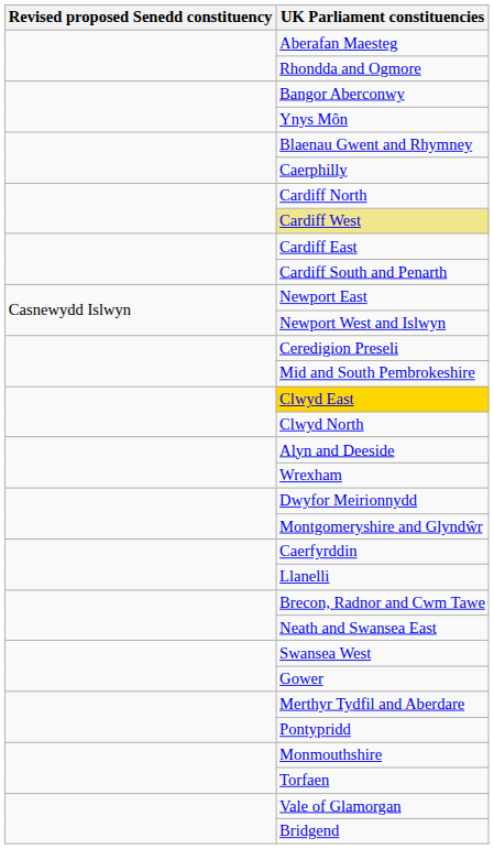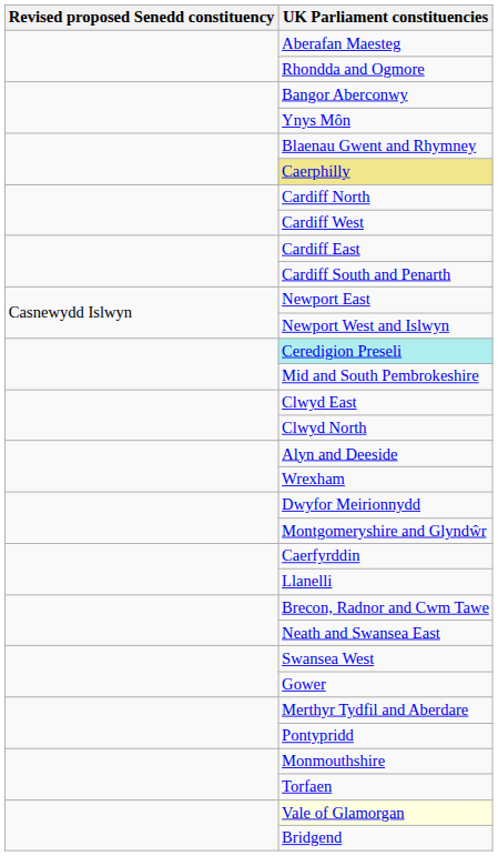 <table class="wikitable sortable collapsible" >
 <tr>
 <th>Revised proposed Senedd constituency</th>
 <th>UK Parliament constituencies</th>
 </tr>
 <tr>
 <td rowspan="2"></td>
 <td><a href='#'>Aberafan Maesteg</a></td>
 </tr>
 <tr>
 <td><a href='#'>Rhondda and Ogmore</a> <br></td>
 </tr>
 <tr>
 <td rowspan="2"></td>
 <td><a href='#'>Bangor Aberconwy</a></td>
 </tr>
 <tr>
 <td><a href='#'>Ynys Môn</a></td>
 </tr>
 <tr>
 <td rowspan="2"></td>
 <td><a href='#'>Blaenau Gwent and Rhymney</a> <br></td>
 </tr>
 <tr>
-<td><a href='#'>Caerphilly</a> <br></td>
+<td style="background: khaki;"><a href='#'>Caerphilly</a> <br></td>
 </tr>
 <tr>
 <td rowspan="2"><br></td>
 <td><a href='#'>Cardiff North</a> <br></td>
 </tr>
 <tr>
-<td style="background: khaki;"><a href='#'>Cardiff West</a> <br></td>
+<td><a href='#'>Cardiff West</a> <br></td>
 </tr>
 <tr>
 <td rowspan="2"><br></td>
 <td><a href='#'>Cardiff East</a> <br></td>
 </tr>
 <tr>
 <td><a href='#'>Cardiff South and Penarth</a> <br></td>
 </tr>
 <tr>
 <td rowspan="2">Casnewydd Islwyn</td>
 <td><a href='#'>Newport East</a> <br></td>
 </tr>
 <tr>
 <td><a href='#'>Newport West and Islwyn</a> <br></td>
 </tr>
 <tr>
 <td rowspan="2"></td>
-<td><a href='#'>Ceredigion Preseli</a></td>
+<td style="background: paleturquoise;"><a href='#'>Ceredigion Preseli</a></td>
 </tr>
 <tr>
 <td><a href='#'>Mid and South Pembrokeshire</a> <br></td>
 </tr>
 <tr>
 <td rowspan="2"></td>
-<td style="background: gold;"><a href='#'>Clwyd East</a></td>
+<td><a href='#'>Clwyd East</a></td>
 </tr>
 <tr>
 <td><a href='#'>Clwyd North</a></td>
 </tr>
 <tr>
 <td rowspan="2"></td>
 <td><a href='#'>Alyn and Deeside</a></td>
 </tr>
 <tr>
 <td><a href='#'>Wrexham</a> <br></td>
 </tr>
 <tr>
 <td rowspan="2"></td>
 <td><a href='#'>Dwyfor Meirionnydd</a></td>
 </tr>
 <tr>
 <td><a href='#'>Montgomeryshire and Glyndŵr</a> <br></td>
 </tr>
 <tr>
 <td rowspan="2"></td>
 <td><a href='#'>Caerfyrddin</a></td>
 </tr>
 <tr>
 <td><a href='#'>Llanelli</a></td>
 </tr>
 <tr>
 <td rowspan="2"><br></td>
 <td><a href='#'>Brecon, Radnor and Cwm Tawe</a></td>
 </tr>
 <tr>
 <td><a href='#'>Neath and Swansea East</a> <br></td>
 </tr>
 <tr>
 <td rowspan="2"><br></td>
 <td><a href='#'>Swansea West</a> <br></td>
 </tr>
 <tr>
 <td><a href='#'>Gower</a> <br></td>
 </tr>
 <tr>
 <td rowspan="2"></td>
 <td><a href='#'>Merthyr Tydfil and Aberdare</a></td>
 </tr>
 <tr>
 <td><a href='#'>Pontypridd</a></td>
 </tr>
 <tr>
 <td rowspan="2"></td>
 <td><a href='#'>Monmouthshire</a> <br></td>
 </tr>
 <tr>
 <td><a href='#'>Torfaen</a></td>
 </tr>
 <tr>
 <td rowspan="2"></td>
-<td><a href='#'>Vale of Glamorgan</a> <br></td>
+<td style="background: lightyellow;"><a href='#'>Vale of Glamorgan</a> <br></td>
 </tr>
 <tr>
 <td><a href='#'>Bridgend</a> <br></td>
 </tr>
 </table>
